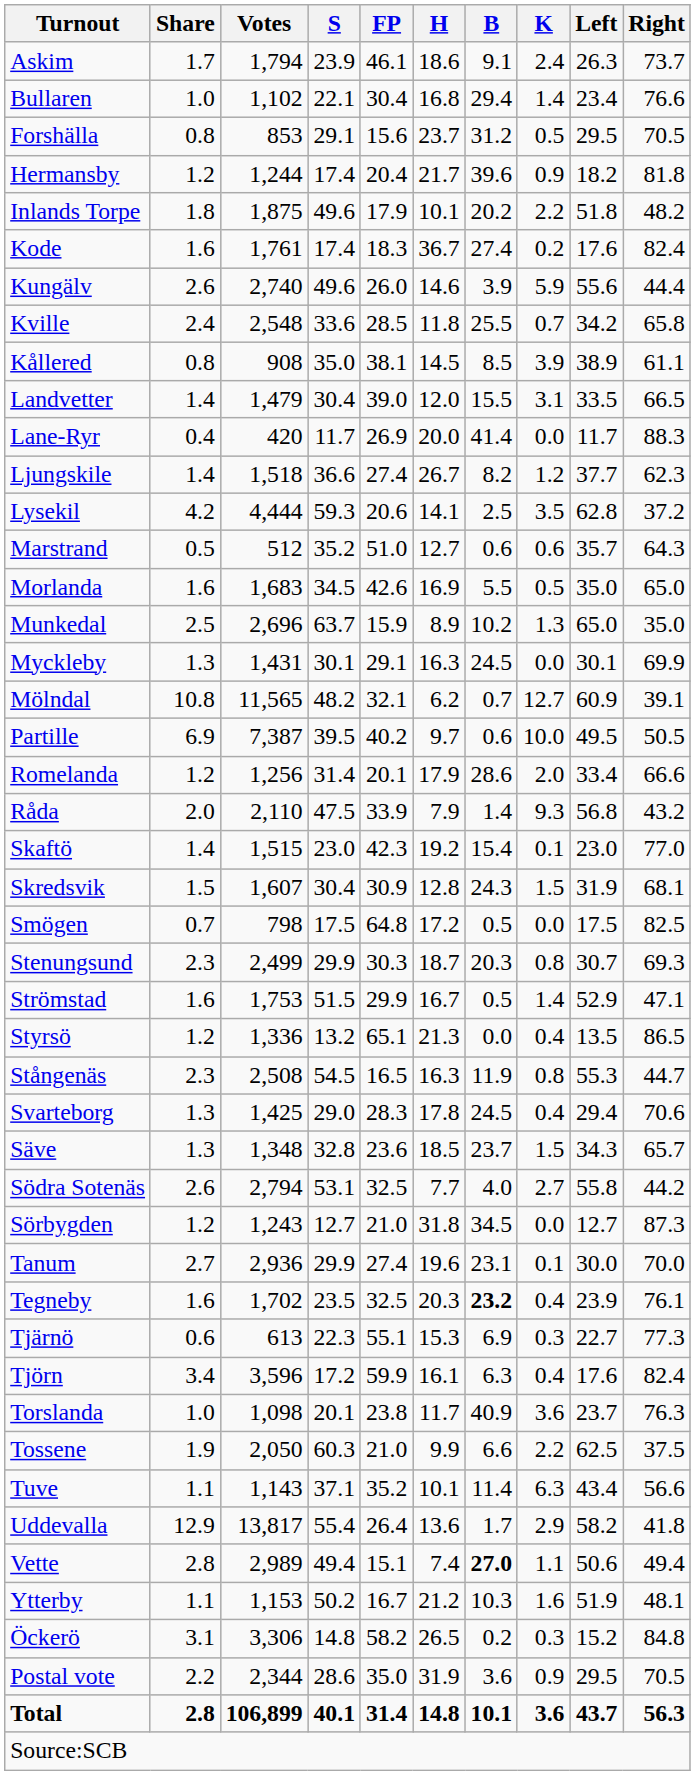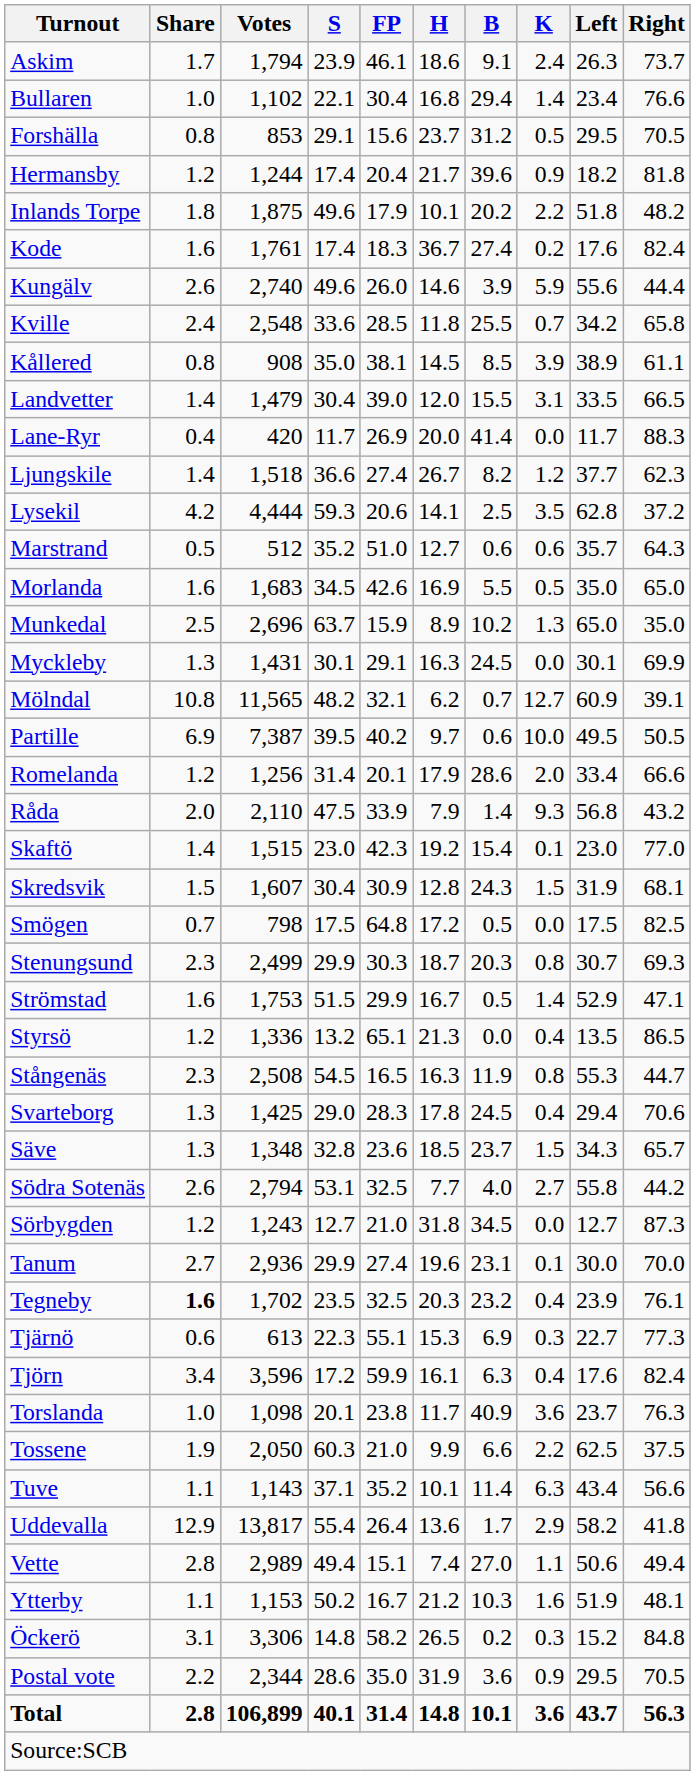 <table class="wikitable sortable" style=text-align:right>
 <tr>
 <th>Turnout</th>
 <th>Share</th>
 <th>Votes</th>
 <th><a href='#'>S</a></th>
 <th><a href='#'>FP</a></th>
 <th><a href='#'>H</a></th>
 <th><a href='#'>B</a></th>
 <th><a href='#'>K</a></th>
 <th>Left</th>
 <th>Right</th>
 </tr>
 <tr>
 <td align=left><a href='#'>Askim</a></td>
 <td>1.7</td>
 <td>1,794</td>
 <td>23.9</td>
 <td>46.1</td>
 <td>18.6</td>
 <td>9.1</td>
 <td>2.4</td>
 <td>26.3</td>
 <td>73.7</td>
 </tr>
 <tr>
 <td align=left><a href='#'>Bullaren</a></td>
 <td>1.0</td>
 <td>1,102</td>
 <td>22.1</td>
 <td>30.4</td>
 <td>16.8</td>
 <td>29.4</td>
 <td>1.4</td>
 <td>23.4</td>
 <td>76.6</td>
 </tr>
 <tr>
 <td align=left><a href='#'>Forshälla</a></td>
 <td>0.8</td>
 <td>853</td>
 <td>29.1</td>
 <td>15.6</td>
 <td>23.7</td>
 <td>31.2</td>
 <td>0.5</td>
 <td>29.5</td>
 <td>70.5</td>
 </tr>
 <tr>
 <td align=left><a href='#'>Hermansby</a></td>
 <td>1.2</td>
 <td>1,244</td>
 <td>17.4</td>
 <td>20.4</td>
 <td>21.7</td>
 <td>39.6</td>
 <td>0.9</td>
 <td>18.2</td>
 <td>81.8</td>
 </tr>
 <tr>
 <td align=left><a href='#'>Inlands Torpe</a></td>
 <td>1.8</td>
 <td>1,875</td>
 <td>49.6</td>
 <td>17.9</td>
 <td>10.1</td>
 <td>20.2</td>
 <td>2.2</td>
 <td>51.8</td>
 <td>48.2</td>
 </tr>
 <tr>
 <td align=left><a href='#'>Kode</a></td>
 <td>1.6</td>
 <td>1,761</td>
 <td>17.4</td>
 <td>18.3</td>
 <td>36.7</td>
 <td>27.4</td>
 <td>0.2</td>
 <td>17.6</td>
 <td>82.4</td>
 </tr>
 <tr>
 <td align=left><a href='#'>Kungälv</a></td>
 <td>2.6</td>
 <td>2,740</td>
 <td>49.6</td>
 <td>26.0</td>
 <td>14.6</td>
 <td>3.9</td>
 <td>5.9</td>
 <td>55.6</td>
 <td>44.4</td>
 </tr>
 <tr>
 <td align=left><a href='#'>Kville</a></td>
 <td>2.4</td>
 <td>2,548</td>
 <td>33.6</td>
 <td>28.5</td>
 <td>11.8</td>
 <td>25.5</td>
 <td>0.7</td>
 <td>34.2</td>
 <td>65.8</td>
 </tr>
 <tr>
 <td align=left><a href='#'>Kållered</a></td>
 <td>0.8</td>
 <td>908</td>
 <td>35.0</td>
 <td>38.1</td>
 <td>14.5</td>
 <td>8.5</td>
 <td>3.9</td>
 <td>38.9</td>
 <td>61.1</td>
 </tr>
 <tr>
 <td align=left><a href='#'>Landvetter</a></td>
 <td>1.4</td>
 <td>1,479</td>
 <td>30.4</td>
 <td>39.0</td>
 <td>12.0</td>
 <td>15.5</td>
 <td>3.1</td>
 <td>33.5</td>
 <td>66.5</td>
 </tr>
 <tr>
 <td align=left><a href='#'>Lane-Ryr</a></td>
 <td>0.4</td>
 <td>420</td>
 <td>11.7</td>
 <td>26.9</td>
 <td>20.0</td>
 <td>41.4</td>
 <td>0.0</td>
 <td>11.7</td>
 <td>88.3</td>
 </tr>
 <tr>
 <td align=left><a href='#'>Ljungskile</a></td>
 <td>1.4</td>
 <td>1,518</td>
 <td>36.6</td>
 <td>27.4</td>
 <td>26.7</td>
 <td>8.2</td>
 <td>1.2</td>
 <td>37.7</td>
 <td>62.3</td>
 </tr>
 <tr>
 <td align=left><a href='#'>Lysekil</a></td>
 <td>4.2</td>
 <td>4,444</td>
 <td>59.3</td>
 <td>20.6</td>
 <td>14.1</td>
 <td>2.5</td>
 <td>3.5</td>
 <td>62.8</td>
 <td>37.2</td>
 </tr>
 <tr>
 <td align=left><a href='#'>Marstrand</a></td>
 <td>0.5</td>
 <td>512</td>
 <td>35.2</td>
 <td>51.0</td>
 <td>12.7</td>
 <td>0.6</td>
 <td>0.6</td>
 <td>35.7</td>
 <td>64.3</td>
 </tr>
 <tr>
 <td align=left><a href='#'>Morlanda</a></td>
 <td>1.6</td>
 <td>1,683</td>
 <td>34.5</td>
 <td>42.6</td>
 <td>16.9</td>
 <td>5.5</td>
 <td>0.5</td>
 <td>35.0</td>
 <td>65.0</td>
 </tr>
 <tr>
 <td align=left><a href='#'>Munkedal</a></td>
 <td>2.5</td>
 <td>2,696</td>
 <td>63.7</td>
 <td>15.9</td>
 <td>8.9</td>
 <td>10.2</td>
 <td>1.3</td>
 <td>65.0</td>
 <td>35.0</td>
 </tr>
 <tr>
 <td align=left><a href='#'>Myckleby</a></td>
 <td>1.3</td>
 <td>1,431</td>
 <td>30.1</td>
 <td>29.1</td>
 <td>16.3</td>
 <td>24.5</td>
 <td>0.0</td>
 <td>30.1</td>
 <td>69.9</td>
 </tr>
 <tr>
 <td align=left><a href='#'>Mölndal</a></td>
 <td>10.8</td>
 <td>11,565</td>
 <td>48.2</td>
 <td>32.1</td>
 <td>6.2</td>
 <td>0.7</td>
 <td>12.7</td>
 <td>60.9</td>
 <td>39.1</td>
 </tr>
 <tr>
 <td align=left><a href='#'>Partille</a></td>
 <td>6.9</td>
 <td>7,387</td>
 <td>39.5</td>
 <td>40.2</td>
 <td>9.7</td>
 <td>0.6</td>
 <td>10.0</td>
 <td>49.5</td>
 <td>50.5</td>
 </tr>
 <tr>
 <td align=left><a href='#'>Romelanda</a></td>
 <td>1.2</td>
 <td>1,256</td>
 <td>31.4</td>
 <td>20.1</td>
 <td>17.9</td>
 <td>28.6</td>
 <td>2.0</td>
 <td>33.4</td>
 <td>66.6</td>
 </tr>
 <tr>
 <td align=left><a href='#'>Råda</a></td>
 <td>2.0</td>
 <td>2,110</td>
 <td>47.5</td>
 <td>33.9</td>
 <td>7.9</td>
 <td>1.4</td>
 <td>9.3</td>
 <td>56.8</td>
 <td>43.2</td>
 </tr>
 <tr>
 <td align=left><a href='#'>Skaftö</a></td>
 <td>1.4</td>
 <td>1,515</td>
 <td>23.0</td>
 <td>42.3</td>
 <td>19.2</td>
 <td>15.4</td>
 <td>0.1</td>
 <td>23.0</td>
 <td>77.0</td>
 </tr>
 <tr>
 <td align=left><a href='#'>Skredsvik</a></td>
 <td>1.5</td>
 <td>1,607</td>
 <td>30.4</td>
 <td>30.9</td>
 <td>12.8</td>
 <td>24.3</td>
 <td>1.5</td>
 <td>31.9</td>
 <td>68.1</td>
 </tr>
 <tr>
 <td align=left><a href='#'>Smögen</a></td>
 <td>0.7</td>
 <td>798</td>
 <td>17.5</td>
 <td>64.8</td>
 <td>17.2</td>
 <td>0.5</td>
 <td>0.0</td>
 <td>17.5</td>
 <td>82.5</td>
 </tr>
 <tr>
 <td align=left><a href='#'>Stenungsund</a></td>
 <td>2.3</td>
 <td>2,499</td>
 <td>29.9</td>
 <td>30.3</td>
 <td>18.7</td>
 <td>20.3</td>
 <td>0.8</td>
 <td>30.7</td>
 <td>69.3</td>
 </tr>
 <tr>
 <td align=left><a href='#'>Strömstad</a></td>
 <td>1.6</td>
 <td>1,753</td>
 <td>51.5</td>
 <td>29.9</td>
 <td>16.7</td>
 <td>0.5</td>
 <td>1.4</td>
 <td>52.9</td>
 <td>47.1</td>
 </tr>
 <tr>
 <td align=left><a href='#'>Styrsö</a></td>
 <td>1.2</td>
 <td>1,336</td>
 <td>13.2</td>
 <td>65.1</td>
 <td>21.3</td>
 <td>0.0</td>
 <td>0.4</td>
 <td>13.5</td>
 <td>86.5</td>
 </tr>
 <tr>
 <td align=left><a href='#'>Stångenäs</a></td>
 <td>2.3</td>
 <td>2,508</td>
 <td>54.5</td>
 <td>16.5</td>
 <td>16.3</td>
 <td>11.9</td>
 <td>0.8</td>
 <td>55.3</td>
 <td>44.7</td>
 </tr>
 <tr>
 <td align=left><a href='#'>Svarteborg</a></td>
 <td>1.3</td>
 <td>1,425</td>
 <td>29.0</td>
 <td>28.3</td>
 <td>17.8</td>
 <td>24.5</td>
 <td>0.4</td>
 <td>29.4</td>
 <td>70.6</td>
 </tr>
 <tr>
 <td align=left><a href='#'>Säve</a></td>
 <td>1.3</td>
 <td>1,348</td>
 <td>32.8</td>
 <td>23.6</td>
 <td>18.5</td>
 <td>23.7</td>
 <td>1.5</td>
 <td>34.3</td>
 <td>65.7</td>
 </tr>
 <tr>
 <td align=left><a href='#'>Södra Sotenäs</a></td>
 <td>2.6</td>
 <td>2,794</td>
 <td>53.1</td>
 <td>32.5</td>
 <td>7.7</td>
 <td>4.0</td>
 <td>2.7</td>
 <td>55.8</td>
 <td>44.2</td>
 </tr>
 <tr>
 <td align=left><a href='#'>Sörbygden</a></td>
 <td>1.2</td>
 <td>1,243</td>
 <td>12.7</td>
 <td>21.0</td>
 <td>31.8</td>
 <td>34.5</td>
 <td>0.0</td>
 <td>12.7</td>
 <td>87.3</td>
 </tr>
 <tr>
 <td align=left><a href='#'>Tanum</a></td>
 <td>2.7</td>
 <td>2,936</td>
 <td>29.9</td>
 <td>27.4</td>
 <td>19.6</td>
 <td>23.1</td>
 <td>0.1</td>
 <td>30.0</td>
 <td>70.0</td>
 </tr>
 <tr>
 <td align=left><a href='#'>Tegneby</a></td>
-<td>1.6</td>
+<td><strong>1.6</strong></td>
 <td>1,702</td>
 <td>23.5</td>
 <td>32.5</td>
 <td>20.3</td>
-<td><strong>23.2</strong></td>
+<td>23.2</td>
 <td>0.4</td>
 <td>23.9</td>
 <td>76.1</td>
 </tr>
 <tr>
 <td align=left><a href='#'>Tjärnö</a></td>
 <td>0.6</td>
 <td>613</td>
 <td>22.3</td>
 <td>55.1</td>
 <td>15.3</td>
 <td>6.9</td>
 <td>0.3</td>
 <td>22.7</td>
 <td>77.3</td>
 </tr>
 <tr>
 <td align=left><a href='#'>Tjörn</a></td>
 <td>3.4</td>
 <td>3,596</td>
 <td>17.2</td>
 <td>59.9</td>
 <td>16.1</td>
 <td>6.3</td>
 <td>0.4</td>
 <td>17.6</td>
 <td>82.4</td>
 </tr>
 <tr>
 <td align=left><a href='#'>Torslanda</a></td>
 <td>1.0</td>
 <td>1,098</td>
 <td>20.1</td>
 <td>23.8</td>
 <td>11.7</td>
 <td>40.9</td>
 <td>3.6</td>
 <td>23.7</td>
 <td>76.3</td>
 </tr>
 <tr>
 <td align=left><a href='#'>Tossene</a></td>
 <td>1.9</td>
 <td>2,050</td>
 <td>60.3</td>
 <td>21.0</td>
 <td>9.9</td>
 <td>6.6</td>
 <td>2.2</td>
 <td>62.5</td>
 <td>37.5</td>
 </tr>
 <tr>
 <td align=left><a href='#'>Tuve</a></td>
 <td>1.1</td>
 <td>1,143</td>
 <td>37.1</td>
 <td>35.2</td>
 <td>10.1</td>
 <td>11.4</td>
 <td>6.3</td>
 <td>43.4</td>
 <td>56.6</td>
 </tr>
 <tr>
 <td align=left><a href='#'>Uddevalla</a></td>
 <td>12.9</td>
 <td>13,817</td>
 <td>55.4</td>
 <td>26.4</td>
 <td>13.6</td>
 <td>1.7</td>
 <td>2.9</td>
 <td>58.2</td>
 <td>41.8</td>
 </tr>
 <tr>
 <td align=left><a href='#'>Vette</a></td>
 <td>2.8</td>
 <td>2,989</td>
 <td>49.4</td>
 <td>15.1</td>
 <td>7.4</td>
-<td><strong>27.0</strong></td>
+<td>27.0</td>
 <td>1.1</td>
 <td>50.6</td>
 <td>49.4</td>
 </tr>
 <tr>
 <td align=left><a href='#'>Ytterby</a></td>
 <td>1.1</td>
 <td>1,153</td>
 <td>50.2</td>
 <td>16.7</td>
 <td>21.2</td>
 <td>10.3</td>
 <td>1.6</td>
 <td>51.9</td>
 <td>48.1</td>
 </tr>
 <tr>
 <td align=left><a href='#'>Öckerö</a></td>
 <td>3.1</td>
 <td>3,306</td>
 <td>14.8</td>
 <td>58.2</td>
 <td>26.5</td>
 <td>0.2</td>
 <td>0.3</td>
 <td>15.2</td>
 <td>84.8</td>
 </tr>
 <tr>
 <td align=left><a href='#'>Postal vote</a></td>
 <td>2.2</td>
 <td>2,344</td>
 <td>28.6</td>
 <td>35.0</td>
 <td>31.9</td>
 <td>3.6</td>
 <td>0.9</td>
 <td>29.5</td>
 <td>70.5</td>
 </tr>
 <tr>
 <td align=left><strong>Total</strong></td>
 <td><strong>2.8</strong></td>
 <td><strong>106,899</strong></td>
 <td><strong>40.1</strong></td>
 <td><strong>31.4</strong></td>
 <td><strong>14.8</strong></td>
 <td><strong>10.1</strong></td>
 <td><strong>3.6</strong></td>
 <td><strong>43.7</strong></td>
 <td><strong>56.3</strong></td>
 </tr>
 <tr>
 <td align=left colspan=10>Source:SCB </td>
 </tr>
 </table>
